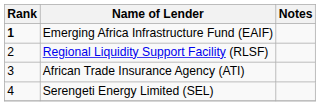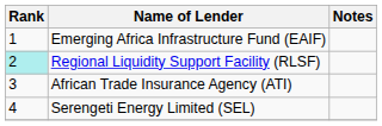 <table class="wikitable sortable" style="margin-left:auto;margin-right:auto">
 <tr>
 <th style="width:2em;">Rank</th>
 <th>Name of Lender</th>
 <th>Notes</th>
 </tr>
 <tr>
-<td><strong>1</strong></td>
+<td>1</td>
 <td>Emerging Africa Infrastructure Fund (EAIF)</td>
 <td></td>
 </tr>
 <tr>
-<td>2</td>
+<td style="background: paleturquoise;">2</td>
 <td><a href='#'>Regional Liquidity Support Facility</a> (RLSF)</td>
 <td></td>
 </tr>
 <tr>
 <td>3</td>
 <td>African Trade Insurance Agency (ATI)</td>
 <td></td>
 </tr>
 <tr>
 <td>4</td>
 <td>Serengeti Energy Limited (SEL)</td>
 <td></td>
 </tr>
 <tr>
 </tr>
 </table>
